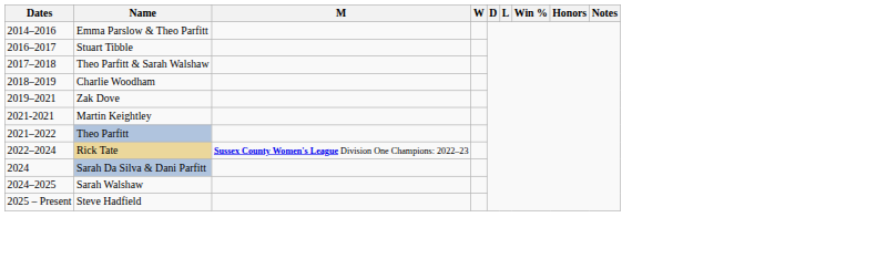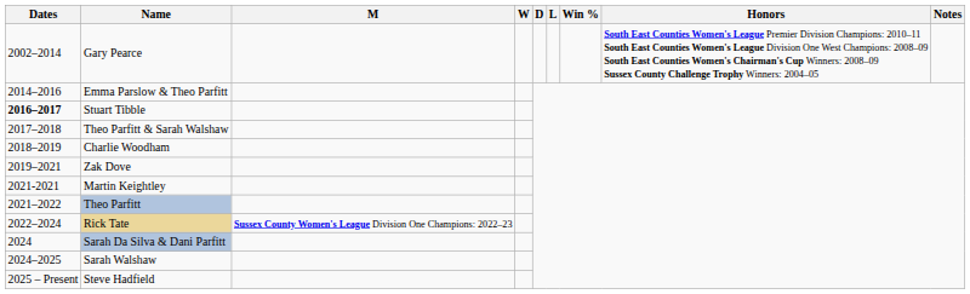 <table class="wikitable">
 <tr>
 <th>Dates</th>
 <th>Name</th>
 <th>M</th>
 <th>W</th>
 <th>D</th>
 <th>L</th>
 <th>Win %</th>
 <th>Honors</th>
 <th>Notes</th>
 </tr>
 <tr>
+<td>2002–2014</td>
+<td> Gary Pearce</td>
+<td></td>
+<td></td>
+<td></td>
+<td></td>
+<td></td>
+<td><small><strong><a href='#'>South East Counties Women's League</a></strong> Premier Division Champions: 2010–11</small><br><small><strong>South East Counties Women's League</strong> Division One West Champions: 2008–09</small><br><small><strong>South East Counties Women's Chairman's Cup</strong> Winners: 2008–09</small><br><small><strong>Sussex County Challenge Trophy</strong> Winners: 2004–05</small></td>
+<td></td>
+</tr>
+<tr>
 <td>2014–2016</td>
 <td> Emma Parslow & Theo Parfitt<br></td>
 <td></td>
 <td></td>
 </tr>
 <tr>
-<td>2016–2017</td>
+<td><strong>2016–2017</strong></td>
 <td> Stuart Tibble<br></td>
 <td></td>
 <td></td>
 </tr>
 <tr>
 <td>2017–2018</td>
 <td> Theo Parfitt & Sarah Walshaw<br></td>
 <td></td>
 <td></td>
 </tr>
 <tr>
 <td>2018–2019</td>
 <td> Charlie Woodham<br></td>
 <td></td>
 <td></td>
 </tr>
 <tr>
 <td>2019–2021</td>
 <td> Zak Dove<br></td>
 <td></td>
 <td></td>
 </tr>
 <tr>
 <td>2021-2021</td>
 <td> Martin Keightley<br></td>
 <td></td>
 <td></td>
 </tr>
 <tr>
 <td>2021–2022</td>
 <td scope=row align="left" style=background:#B0C4DE> Theo Parfitt <br></td>
 <td></td>
 <td></td>
 </tr>
 <tr>
 <td>2022–2024</td>
 <td scope=row align="left" style=background:#EBD79B> Rick Tate <br></td>
 <td><small><strong><a href='#'>Sussex County Women's League</a></strong> Division One Champions: 2022–23</small></td>
 <td></td>
 </tr>
 <tr>
 <td>2024</td>
 <td scope=row align="left" style=background:#B0C4DE> Sarah Da Silva & Dani Parfitt <br></td>
 <td></td>
 <td></td>
 </tr>
 <tr>
 <td>2024–2025</td>
 <td> Sarah Walshaw<br></td>
 <td></td>
 <td></td>
 </tr>
 <tr>
 <td>2025 – Present</td>
 <td> Steve Hadfield<br></td>
 <td></td>
 <td></td>
 </tr>
 </table>
